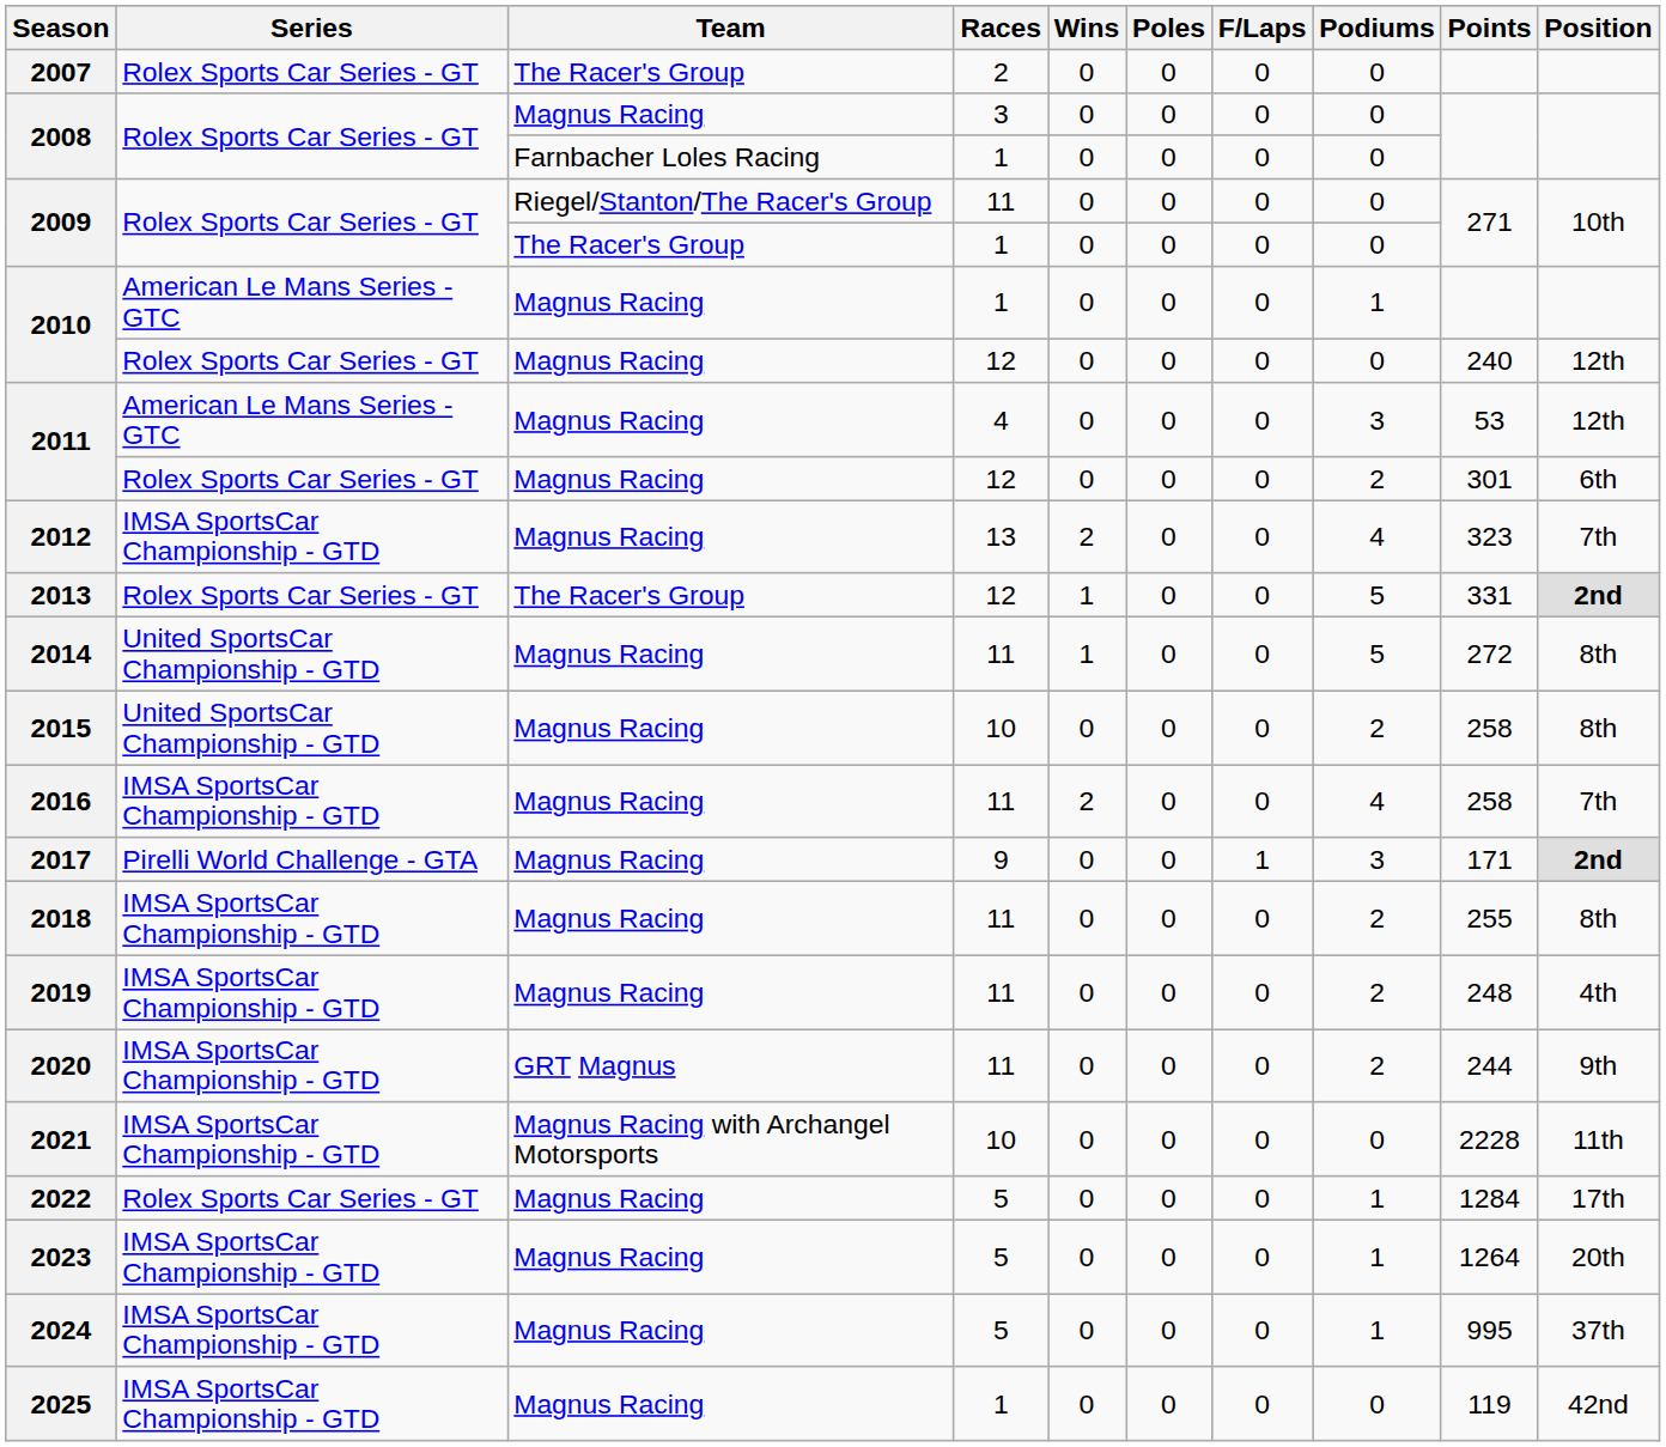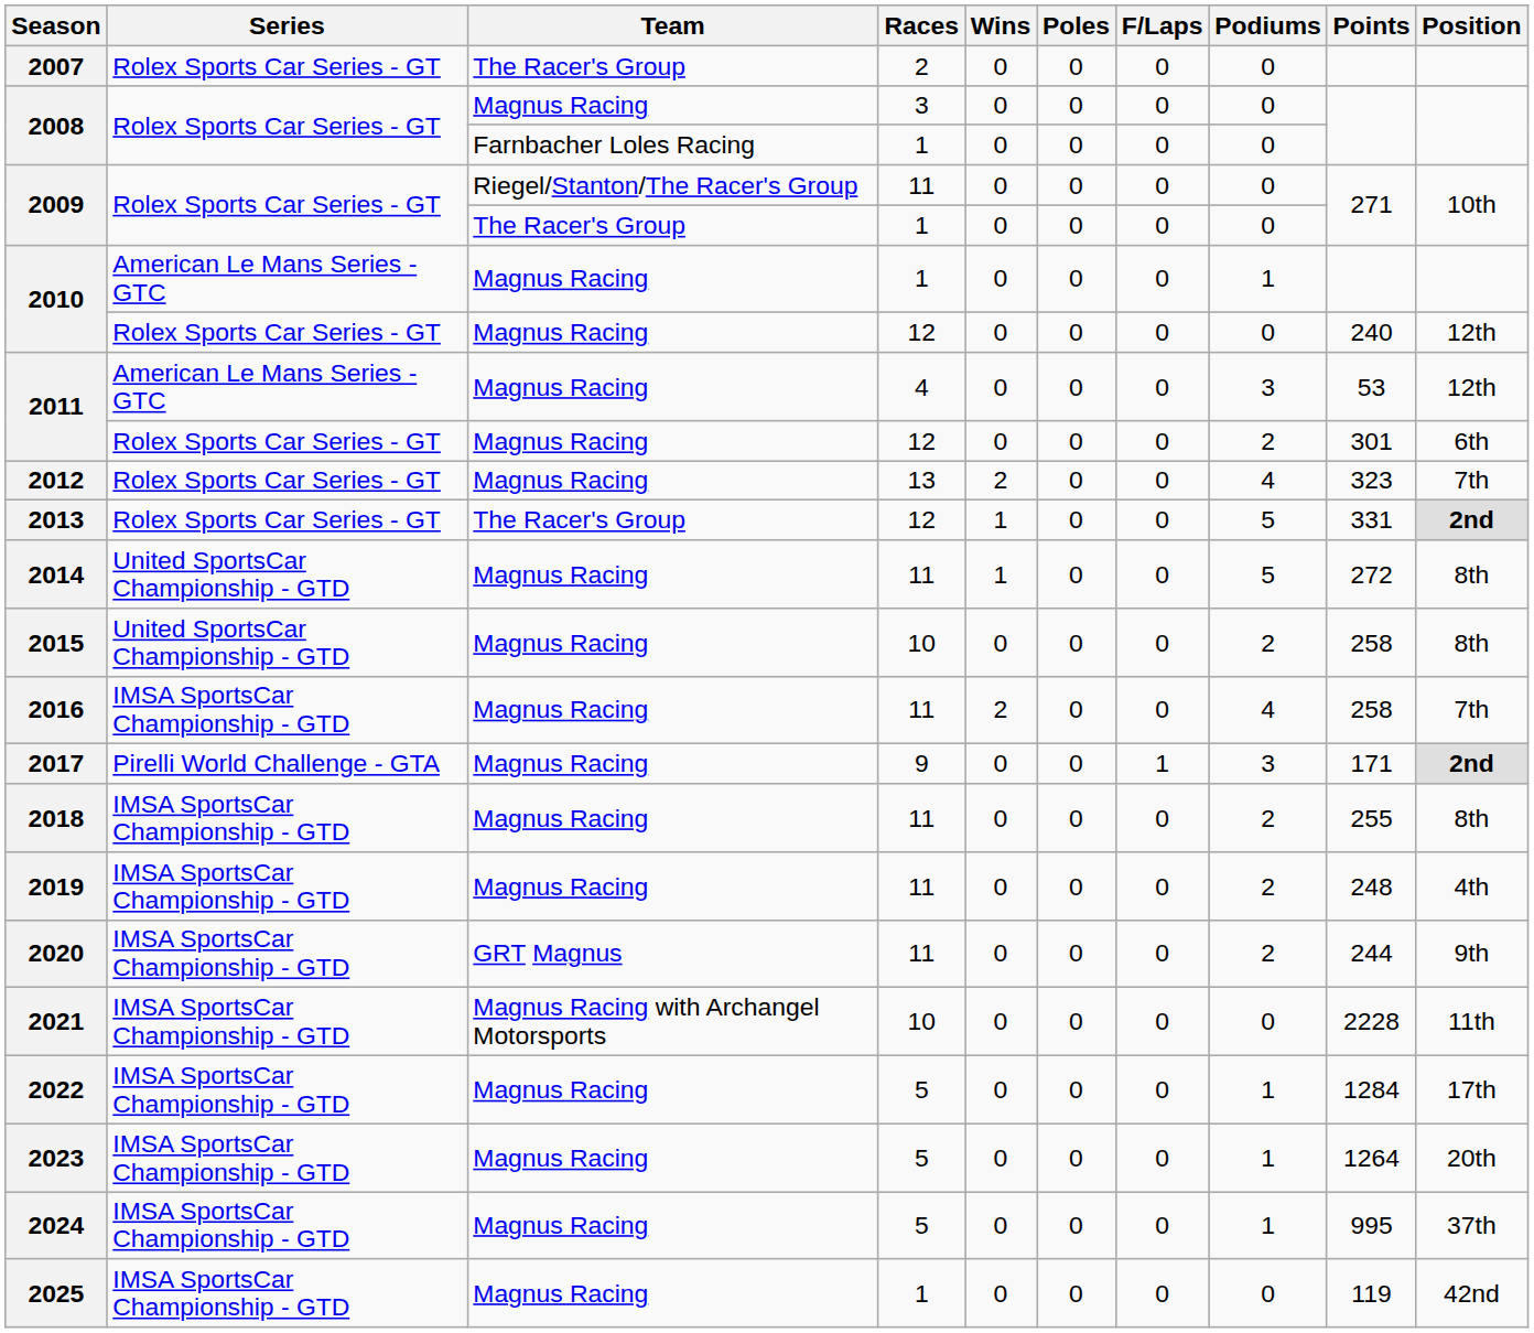 <table class="wikitable" style="font-size: 90%; text-align:center">
 <tr>
 <th>Season</th>
 <th>Series</th>
 <th>Team</th>
 <th>Races</th>
 <th>Wins</th>
 <th>Poles</th>
 <th>F/Laps</th>
 <th>Podiums</th>
 <th>Points</th>
 <th>Position</th>
 </tr>
 <tr>
 <th>2007</th>
 <td align=left><a href='#'>Rolex Sports Car Series - GT</a></td>
 <td align=left><a href='#'>The Racer's Group</a></td>
 <td>2</td>
 <td>0</td>
 <td>0</td>
 <td>0</td>
 <td>0</td>
 <td></td>
 <td></td>
 </tr>
 <tr>
 <th rowspan="2">2008</th>
 <td rowspan="2" align=left><a href='#'>Rolex Sports Car Series - GT</a></td>
 <td align=left><a href='#'>Magnus Racing</a></td>
 <td>3</td>
 <td>0</td>
 <td>0</td>
 <td>0</td>
 <td>0</td>
 <td rowspan="2"></td>
 <td rowspan="2"></td>
 </tr>
 <tr>
 <td align=left>Farnbacher Loles Racing</td>
 <td>1</td>
 <td>0</td>
 <td>0</td>
 <td>0</td>
 <td>0</td>
 </tr>
 <tr>
 <th rowspan="2">2009</th>
 <td rowspan="2" align=left><a href='#'>Rolex Sports Car Series - GT</a></td>
 <td align=left>Riegel/<a href='#'>Stanton</a>/<a href='#'>The Racer's Group</a></td>
 <td>11</td>
 <td>0</td>
 <td>0</td>
 <td>0</td>
 <td>0</td>
 <td rowspan="2">271</td>
 <td rowspan="2">10th</td>
 </tr>
 <tr>
 <td align=left><a href='#'>The Racer's Group</a></td>
 <td>1</td>
 <td>0</td>
 <td>0</td>
 <td>0</td>
 <td>0</td>
 </tr>
 <tr>
 <th rowspan="2">2010</th>
 <td align=left><a href='#'>American Le Mans Series - GTC</a></td>
 <td align=left><a href='#'>Magnus Racing</a></td>
 <td>1</td>
 <td>0</td>
 <td>0</td>
 <td>0</td>
 <td>1</td>
 <td></td>
 <td></td>
 </tr>
 <tr>
 <td align=left><a href='#'>Rolex Sports Car Series - GT</a></td>
 <td align=left><a href='#'>Magnus Racing</a></td>
 <td>12</td>
 <td>0</td>
 <td>0</td>
 <td>0</td>
 <td>0</td>
 <td>240</td>
 <td>12th</td>
 </tr>
 <tr>
 <th rowspan="2">2011</th>
 <td align=left><a href='#'>American Le Mans Series - GTC</a></td>
 <td align=left><a href='#'>Magnus Racing</a></td>
 <td>4</td>
 <td>0</td>
 <td>0</td>
 <td>0</td>
 <td>3</td>
 <td>53</td>
 <td>12th</td>
 </tr>
 <tr>
 <td align=left><a href='#'>Rolex Sports Car Series - GT</a></td>
 <td align=left><a href='#'>Magnus Racing</a></td>
 <td>12</td>
 <td>0</td>
 <td>0</td>
 <td>0</td>
 <td>2</td>
 <td>301</td>
 <td>6th</td>
 </tr>
 <tr>
 <th>2012</th>
-<td align=left><a href='#'>IMSA SportsCar Championship - GTD</a></td>
+<td align=left><a href='#'>Rolex Sports Car Series - GT</a></td>
 <td align=left><a href='#'>Magnus Racing</a></td>
 <td>13</td>
 <td>2</td>
 <td>0</td>
 <td>0</td>
 <td>4</td>
 <td>323</td>
 <td>7th</td>
 </tr>
 <tr>
 <th>2013</th>
 <td align=left><a href='#'>Rolex Sports Car Series - GT</a></td>
 <td align=left><a href='#'>The Racer's Group</a></td>
 <td>12</td>
 <td>1</td>
 <td>0</td>
 <td>0</td>
 <td>5</td>
 <td>331</td>
 <td style="background:#DFDFDF;”"><strong>2nd</strong></td>
 </tr>
 <tr>
 <th>2014</th>
 <td align=left><a href='#'>United SportsCar Championship - GTD</a></td>
 <td align=left><a href='#'>Magnus Racing</a></td>
 <td>11</td>
 <td>1</td>
 <td>0</td>
 <td>0</td>
 <td>5</td>
 <td>272</td>
 <td>8th</td>
 </tr>
 <tr>
 <th>2015</th>
 <td align=left><a href='#'>United SportsCar Championship - GTD</a></td>
 <td align=left><a href='#'>Magnus Racing</a></td>
 <td>10</td>
 <td>0</td>
 <td>0</td>
 <td>0</td>
 <td>2</td>
 <td>258</td>
 <td>8th</td>
 </tr>
 <tr>
 <th>2016</th>
 <td align=left><a href='#'>IMSA SportsCar Championship - GTD</a></td>
 <td align=left><a href='#'>Magnus Racing</a></td>
 <td>11</td>
 <td>2</td>
 <td>0</td>
 <td>0</td>
 <td>4</td>
 <td>258</td>
 <td>7th</td>
 </tr>
 <tr>
 <th>2017</th>
 <td align=left><a href='#'>Pirelli World Challenge - GTA</a></td>
 <td align=left><a href='#'>Magnus Racing</a></td>
 <td>9</td>
 <td>0</td>
 <td>0</td>
 <td>1</td>
 <td>3</td>
 <td>171</td>
 <td style="background:#DFDFDF;”"><strong>2nd</strong></td>
 </tr>
 <tr>
 <th>2018</th>
 <td align=left><a href='#'>IMSA SportsCar Championship - GTD</a></td>
 <td align=left><a href='#'>Magnus Racing</a></td>
 <td>11</td>
 <td>0</td>
 <td>0</td>
 <td>0</td>
 <td>2</td>
 <td>255</td>
 <td>8th</td>
 </tr>
 <tr>
 <th>2019</th>
 <td align=left><a href='#'>IMSA SportsCar Championship - GTD</a></td>
 <td align=left><a href='#'>Magnus Racing</a></td>
 <td>11</td>
 <td>0</td>
 <td>0</td>
 <td>0</td>
 <td>2</td>
 <td>248</td>
 <td>4th</td>
 </tr>
 <tr>
 <th>2020</th>
 <td align=left><a href='#'>IMSA SportsCar Championship - GTD</a></td>
 <td align=left><a href='#'>GRT</a> <a href='#'>Magnus</a></td>
 <td>11</td>
 <td>0</td>
 <td>0</td>
 <td>0</td>
 <td>2</td>
 <td>244</td>
 <td>9th</td>
 </tr>
 <tr>
 <th>2021</th>
 <td align=left><a href='#'>IMSA SportsCar Championship - GTD</a></td>
 <td align=left><a href='#'>Magnus Racing</a> with Archangel Motorsports</td>
 <td>10</td>
 <td>0</td>
 <td>0</td>
 <td>0</td>
 <td>0</td>
 <td>2228</td>
 <td>11th</td>
 </tr>
 <tr>
 <th>2022</th>
-<td align=left><a href='#'>Rolex Sports Car Series - GT</a></td>
+<td align=left><a href='#'>IMSA SportsCar Championship - GTD</a></td>
 <td align=left><a href='#'>Magnus Racing</a></td>
 <td>5</td>
 <td>0</td>
 <td>0</td>
 <td>0</td>
 <td>1</td>
 <td>1284</td>
 <td>17th</td>
 </tr>
 <tr>
 <th>2023</th>
 <td align=left><a href='#'>IMSA SportsCar Championship - GTD</a></td>
 <td align=left><a href='#'>Magnus Racing</a></td>
 <td>5</td>
 <td>0</td>
 <td>0</td>
 <td>0</td>
 <td>1</td>
 <td>1264</td>
 <td>20th</td>
 </tr>
 <tr>
 <th>2024</th>
 <td align=left><a href='#'>IMSA SportsCar Championship - GTD</a></td>
 <td align=left><a href='#'>Magnus Racing</a></td>
 <td>5</td>
 <td>0</td>
 <td>0</td>
 <td>0</td>
 <td>1</td>
 <td>995</td>
 <td>37th</td>
 </tr>
 <tr>
 <th>2025</th>
 <td align=left><a href='#'>IMSA SportsCar Championship - GTD</a></td>
 <td align=left><a href='#'>Magnus Racing</a></td>
 <td>1</td>
 <td>0</td>
 <td>0</td>
 <td>0</td>
 <td>0</td>
 <td>119</td>
 <td>42nd</td>
 </tr>
 </table>
